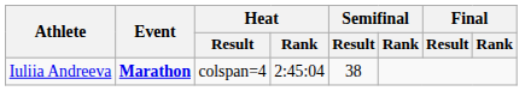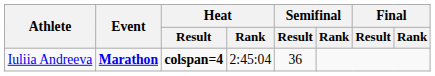 <table class="wikitable" style="font-size:90%">
 <tr>
 <th rowspan="2">Athlete</th>
 <th rowspan="2">Event</th>
 <th colspan="2">Heat</th>
 <th colspan="2">Semifinal</th>
 <th colspan="2">Final</th>
 </tr>
 <tr style="font-size:95%">
 <th>Result</th>
 <th>Rank</th>
 <th>Result</th>
 <th>Rank</th>
 <th>Result</th>
 <th>Rank</th>
 </tr>
 <tr style=text-align:center>
 <td style=text-align:left><a href='#'>Iuliia Andreeva</a></td>
 <td style=text-align:left><strong><a href='#'>Marathon</a></strong></td>
-<td>colspan=4 </td>
+<td><strong>colspan=4 </strong></td>
 <td>2:45:04</td>
-<td>38</td>
+<td>36</td>
 </tr>
 </table>
